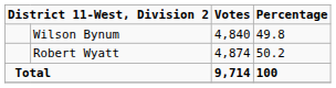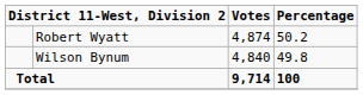 <table class="wikitable">
 <tr>
 <td colspan="2" rowspan="1" align="center" valign="top"><strong>District 11-West, Division 2</strong></td>
 <td style="vertical-align:top;"><strong>Votes</strong><br></td>
 <td style="vertical-align:top;"><strong>Percentage</strong><br></td>
 </tr>
 <tr>
 <td style="background-color:"> </td>
+<td>Robert Wyatt</td>
+<td>4,874</td>
+<td>50.2</td>
+</tr>
+<tr>
+<td style="background-color:"> </td>
 <td>Wilson Bynum</td>
 <td>4,840</td>
 <td>49.8</td>
-</tr>
-<tr>
-<td style="background-color:"> </td>
-<td>Robert Wyatt</td>
-<td>4,874</td>
-<td>50.2</td>
 </tr>
 <tr>
 <td colspan="2" rowspan="1"> <strong>Total</strong><br></td>
 <td><strong>9,714</strong></td>
 <td><strong>100</strong></td>
 </tr>
 <tr>
 </tr>
 </table>
